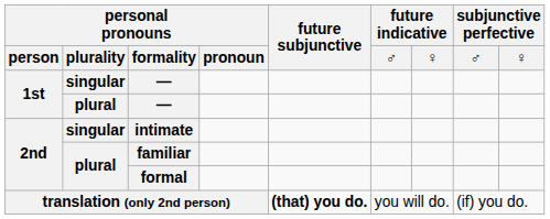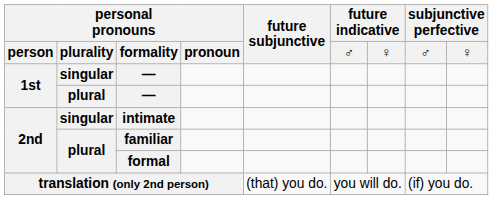 <table class="wikitable">
 <tr>
 <th colspan="4">personal<br>pronouns</th>
 <th rowspan="2">future<br>subjunctive</th>
 <th colspan="2">future<br>indicative</th>
 <th colspan="2">subjunctive<br>perfective</th>
 </tr>
 <tr>
 <th>person</th>
 <th>plurality</th>
 <th>formality</th>
 <th>pronoun</th>
 <th>♂</th>
 <th>♀</th>
 <th>♂</th>
 <th>♀</th>
 </tr>
 <tr>
 <th rowspan="2">1st</th>
 <th>singular</th>
 <th>—</th>
 <td></td>
 <td></td>
 <td></td>
 <td></td>
 <td></td>
 <td></td>
 </tr>
 <tr>
 <th>plural</th>
 <th>—</th>
 <td></td>
 <td></td>
 <td></td>
 <td></td>
 <td></td>
 <td></td>
 </tr>
 <tr>
 <th rowspan="3">2nd</th>
 <th>singular</th>
 <th>intimate</th>
 <td></td>
 <td></td>
 <td></td>
 <td></td>
 <td></td>
 <td></td>
 </tr>
 <tr>
 <th rowspan="2">plural</th>
 <th>familiar</th>
 <td></td>
 <td></td>
 <td></td>
 <td></td>
 <td></td>
 <td></td>
 </tr>
 <tr>
 <th>formal</th>
 <td></td>
 <td></td>
 <td></td>
 <td></td>
 <td></td>
 <td></td>
 </tr>
 <tr>
 <th colspan="4">translation <small>(only 2nd person)</small></th>
-<td><strong>(that) you do.</strong></td>
+<td>(that) you do.</td>
 <td colspan="2">you will do.</td>
 <td colspan="2">(if) you do.</td>
 </tr>
 </table>
